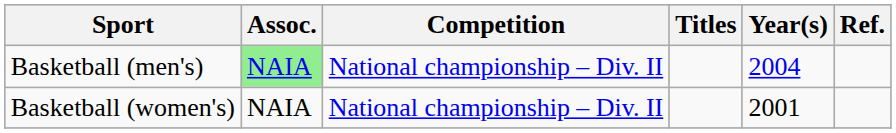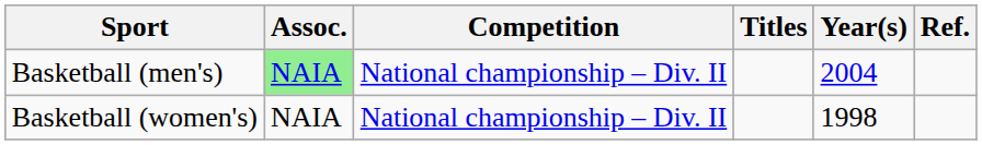 <table class="wikitable"; style= "text-align: ">
 <tr>
 <th width=px>Sport</th>
 <th width=px>Assoc.</th>
 <th width=px>Competition</th>
 <th width=px>Titles</th>
 <th width=px>Year(s)</th>
 <th width=px>Ref.</th>
 </tr>
 <tr>
 <td>Basketball (men's)</td>
 <td style="background: lightgreen;"><a href='#'>NAIA</a></td>
 <td><a href='#'>National championship – Div. II</a></td>
 <td></td>
 <td><a href='#'>2004</a></td>
 <td></td>
 </tr>
 <tr>
 <td>Basketball (women's)</td>
 <td>NAIA</td>
 <td><a href='#'>National championship – Div. II</a></td>
 <td></td>
-<td>2001</td>
+<td>1998</td>
 <td></td>
 </tr>
 </table>
